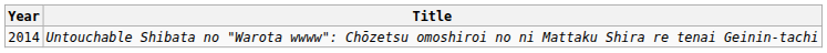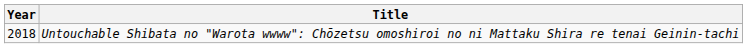 <table class="wikitable">
 <tr>
 <th>Year</th>
 <th>Title</th>
 </tr>
 <tr>
-<td>2014</td>
+<td>2018</td>
 <td><em>Untouchable Shibata no "Warota wwww": Chōzetsu omoshiroi no ni Mattaku Shira re tenai Geinin-tachi</em></td>
 </tr>
 </table>
